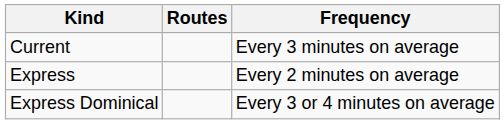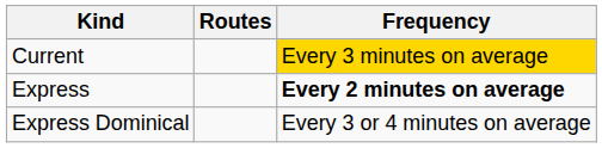 <table class="wikitable" style="margin-left: auto; margin-right: auto; border: none;">
 <tr>
 <th>Kind</th>
 <th>Routes</th>
 <th>Frequency</th>
 </tr>
 <tr>
 <td>Current</td>
 <td>  </td>
-<td>Every 3 minutes on average</td>
+<td style="background: gold;">Every 3 minutes on average</td>
 </tr>
 <tr>
 <td>Express</td>
 <td>    </td>
-<td>Every 2 minutes on average</td>
+<td><strong>Every 2 minutes on average</strong></td>
 </tr>
 <tr>
 <td>Express Dominical</td>
 <td></td>
 <td>Every 3 or 4 minutes on average</td>
 </tr>
 </table>
